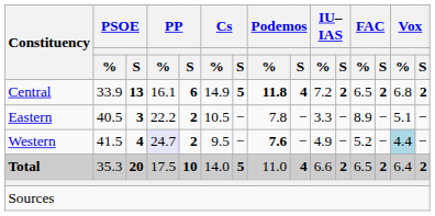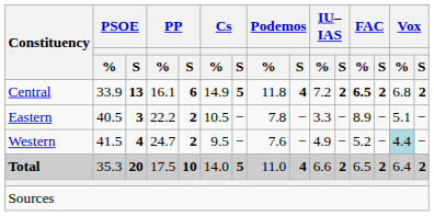 <table class="wikitable sortable" style="text-align:right; line-height:20px;">
 <tr>
 <th rowspan="3">Constituency</th>
 <th colspan="2" width="30px" class="unsortable"><a href='#'>PSOE</a></th>
 <th colspan="2" width="30px" class="unsortable"><a href='#'>PP</a></th>
 <th colspan="2" width="30px" class="unsortable"><a href='#'>Cs</a></th>
 <th colspan="2" width="30px" class="unsortable"><a href='#'>Podemos</a></th>
 <th colspan="2" width="30px" class="unsortable"><a href='#'>IU</a>–<a href='#'>IAS</a></th>
 <th colspan="2" width="30px" class="unsortable"><a href='#'>FAC</a></th>
 <th colspan="2" width="30px" class="unsortable"><a href='#'>Vox</a></th>
 </tr>
 <tr>
 <th colspan="2" style="background:"></th>
 <th colspan="2" style="background:"></th>
 <th colspan="2" style="background:"></th>
 <th colspan="2" style="background:"></th>
 <th colspan="2" style="background:"></th>
 <th colspan="2" style="background:"></th>
 <th colspan="2" style="background:"></th>
 </tr>
 <tr>
 <th data-sort-type="number">%</th>
 <th data-sort-type="number">S</th>
 <th data-sort-type="number">%</th>
 <th data-sort-type="number">S</th>
 <th data-sort-type="number">%</th>
 <th data-sort-type="number">S</th>
 <th data-sort-type="number">%</th>
 <th data-sort-type="number">S</th>
 <th data-sort-type="number">%</th>
 <th data-sort-type="number">S</th>
 <th data-sort-type="number">%</th>
 <th data-sort-type="number">S</th>
 <th data-sort-type="number">%</th>
 <th data-sort-type="number">S</th>
 </tr>
 <tr>
 <td align="left"><a href='#'>Central</a></td>
 <td style="background:">33.9</td>
 <td><strong>13</strong></td>
 <td>16.1</td>
 <td><strong>6</strong></td>
 <td>14.9</td>
 <td><strong>5</strong></td>
-<td><strong>11.8</strong></td>
+<td>11.8</td>
 <td><strong>4</strong></td>
 <td>7.2</td>
 <td><strong>2</strong></td>
-<td>6.5</td>
+<td><strong>6.5</strong></td>
 <td><strong>2</strong></td>
 <td>6.8</td>
 <td><strong>2</strong></td>
 </tr>
 <tr>
 <td align="left"><a href='#'>Eastern</a></td>
 <td style="background:">40.5</td>
 <td><strong>3</strong></td>
 <td>22.2</td>
 <td><strong>2</strong></td>
 <td>10.5</td>
 <td>−</td>
 <td>7.8</td>
 <td>−</td>
 <td>3.3</td>
 <td>−</td>
 <td>8.9</td>
 <td>−</td>
 <td>5.1</td>
 <td>−</td>
 </tr>
 <tr>
 <td align="left"><a href='#'>Western</a></td>
 <td style="background:">41.5</td>
 <td><strong>4</strong></td>
-<td style="background: lavender;">24.7</td>
+<td>24.7</td>
 <td><strong>2</strong></td>
 <td>9.5</td>
 <td>−</td>
-<td><strong>7.6</strong></td>
+<td>7.6</td>
 <td>−</td>
 <td>4.9</td>
 <td>−</td>
 <td>5.2</td>
 <td>−</td>
 <td style="background: lightblue;">4.4</td>
 <td>−</td>
 </tr>
 <tr style="background:#CDCDCD;">
 <td align="left"><strong>Total</strong></td>
 <td style="background:">35.3</td>
 <td><strong>20</strong></td>
 <td>17.5</td>
 <td><strong>10</strong></td>
 <td>14.0</td>
 <td><strong>5</strong></td>
 <td>11.0</td>
 <td><strong>4</strong></td>
 <td>6.6</td>
 <td><strong>2</strong></td>
 <td>6.5</td>
 <td><strong>2</strong></td>
 <td>6.4</td>
 <td><strong>2</strong></td>
 </tr>
 <tr>
 <th colspan="15"></th>
 </tr>
 <tr>
 <th style="text-align:left; font-weight:normal; background:#F9F9F9" colspan="15">Sources</th>
 </tr>
 </table>
